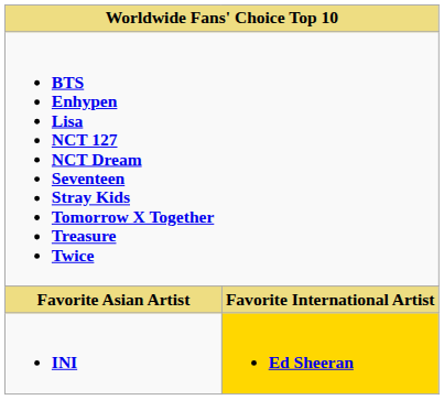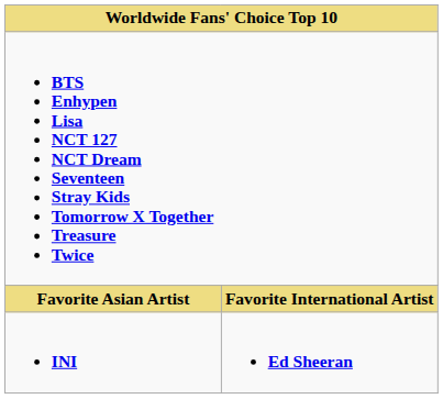 <table class="wikitable">
 <tr>
 <th colspan="2" scope="col" style="width:50%; background:#EEDD82">Worldwide Fans' Choice Top 10</th>
 </tr>
 <tr>
 <td colspan="2" style="vertical-align:top"><br><ul><li><strong><a href='#'>BTS</a></strong></li><li><strong><a href='#'>Enhypen</a></strong></li><li><strong><a href='#'>Lisa</a></strong></li><li><strong><a href='#'>NCT 127</a></strong></li><li><strong><a href='#'>NCT Dream</a></strong></li><li><strong><a href='#'>Seventeen</a></strong></li><li><strong><a href='#'>Stray Kids</a></strong></li><li><strong><a href='#'>Tomorrow X Together</a></strong></li><li><strong><a href='#'>Treasure</a></strong></li><li><strong><a href='#'>Twice</a></strong></li></ul></td>
 </tr>
 <tr>
 <th scope="col" style="width:50%; background:#EEDD82">Favorite Asian Artist</th>
 <th scope="col" style="width:50%; background:#EEDD82">Favorite International Artist</th>
 </tr>
 <tr>
 <td style="vertical-align:top"><br><ul><li><strong><a href='#'>INI</a></strong></li></ul></td>
-<td style="background: gold; vertical-align:top"><br><ul><li><strong><a href='#'>Ed Sheeran</a></strong></li></ul></td>
+<td style="vertical-align:top"><br><ul><li><strong><a href='#'>Ed Sheeran</a></strong></li></ul></td>
 </tr>
 </table>
